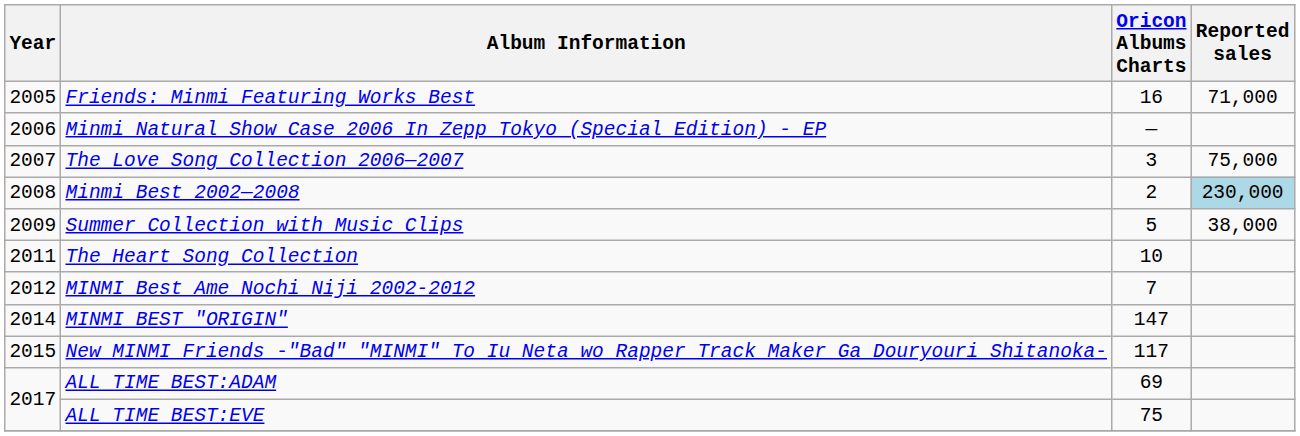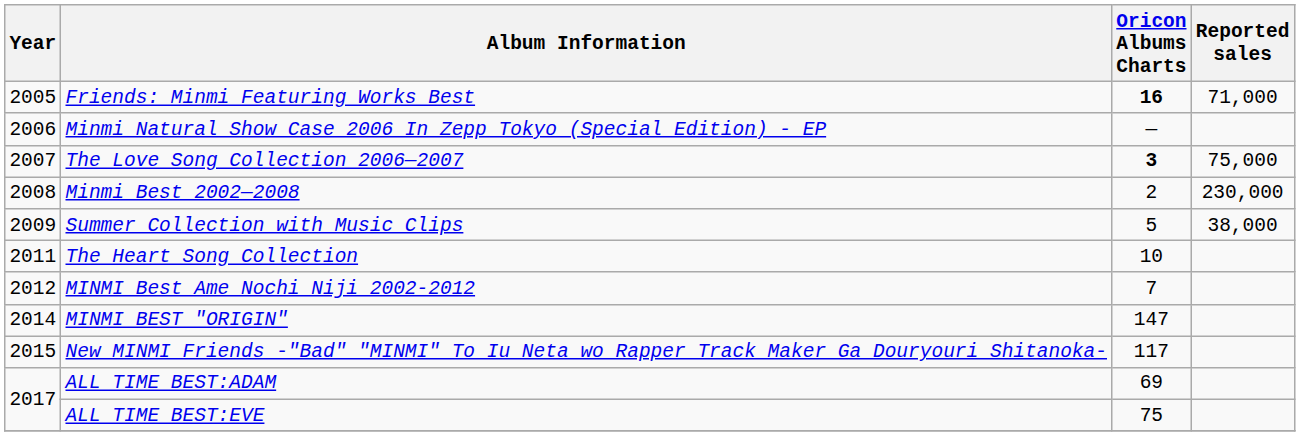 <table class="wikitable">
 <tr>
 <th rowspan="1">Year</th>
 <th rowspan="1">Album Information</th>
 <th colspan="1"><a href='#'>Oricon</a><br>Albums<br>Charts<br></th>
 <th colspan="1">Reported<br>sales<br></th>
 </tr>
 <tr>
 <td align="center">2005</td>
 <td><em><a href='#'>Friends: Minmi Featuring Works Best</a></em><br></td>
-<td align="center">16</td>
+<td align="center"><strong>16</strong></td>
 <td align="center">71,000</td>
 </tr>
 <tr>
 <td align="center">2006</td>
 <td><em><a href='#'>Minmi Natural Show Case 2006 In Zepp Tokyo (Special Edition) - EP</a></em><br></td>
 <td align="center">—</td>
 <td align="center"></td>
 </tr>
 <tr>
 <td align="center">2007</td>
 <td><em><a href='#'>The Love Song Collection 2006—2007</a></em><br></td>
-<td align="center">3</td>
+<td align="center"><strong>3</strong></td>
 <td align="center">75,000</td>
 </tr>
 <tr>
 <td align="center">2008</td>
 <td><em><a href='#'>Minmi Best 2002—2008</a></em><br></td>
 <td align="center">2</td>
-<td align="center" style="background: lightblue;">230,000</td>
+<td align="center">230,000</td>
 </tr>
 <tr>
 <td align="center">2009</td>
 <td><em><a href='#'>Summer Collection with Music Clips</a></em><br></td>
 <td align="center">5</td>
 <td align="center">38,000</td>
 </tr>
 <tr>
 <td align="center">2011</td>
 <td><em><a href='#'>The Heart Song Collection</a></em><br></td>
 <td align="center">10</td>
 <td align="center"></td>
 </tr>
 <tr>
 <td align="center">2012</td>
 <td><em><a href='#'>MINMI Best Ame Nochi Niji 2002-2012</a></em><br></td>
 <td align="center">7</td>
 <td align="center"></td>
 </tr>
 <tr>
 <td align="center">2014</td>
 <td><em><a href='#'>MINMI BEST "ORIGIN"</a></em><br></td>
 <td align="center">147</td>
 <td align="center"></td>
 </tr>
 <tr>
 <td align="center">2015</td>
 <td><em><a href='#'>New MINMI Friends -"Bad" "MINMI" To Iu Neta wo Rapper Track Maker Ga Douryouri Shitanoka-</a></em><br></td>
 <td align="center">117</td>
 <td align="center"></td>
 </tr>
 <tr>
 <td align="center" rowspan="2">2017</td>
 <td><em><a href='#'>ALL TIME BEST:ADAM</a></em><br></td>
 <td align="center">69</td>
 <td align="center"></td>
 </tr>
 <tr>
 <td><em><a href='#'>ALL TIME BEST:EVE</a></em><br></td>
 <td align="center">75</td>
 <td align="center"></td>
 </tr>
 <tr>
 </tr>
 </table>
